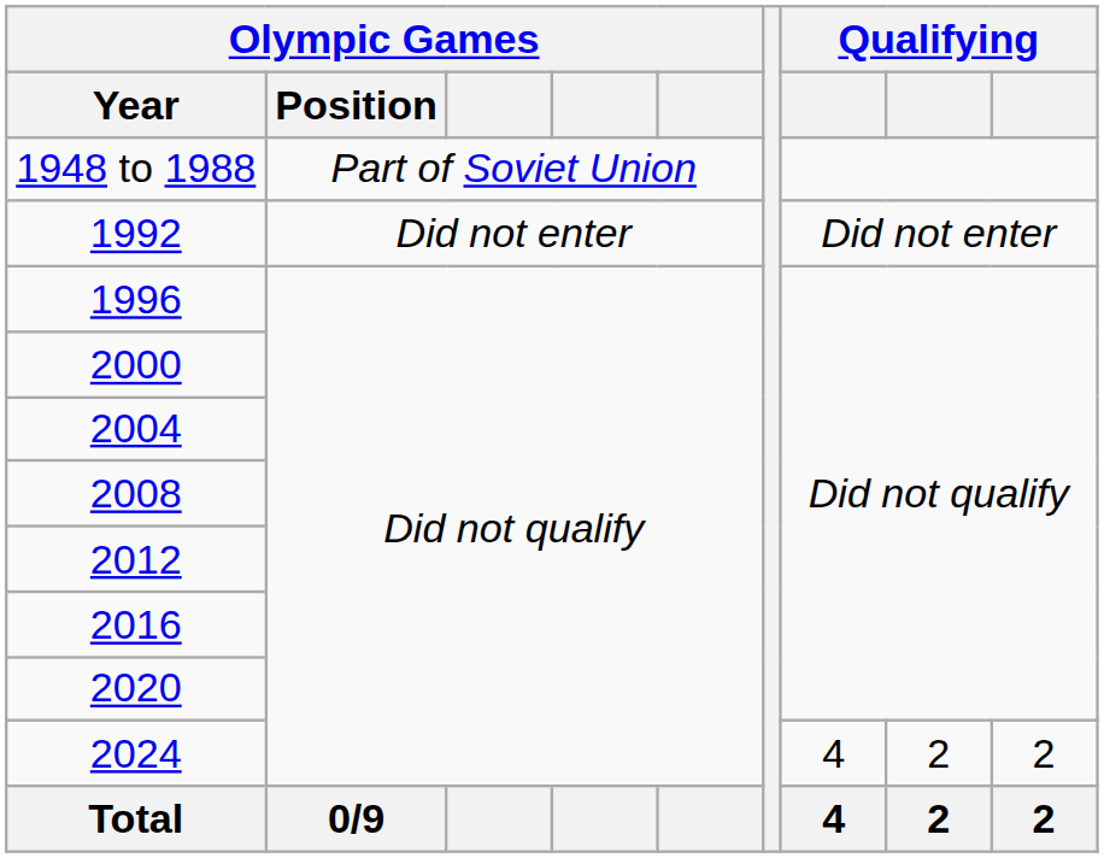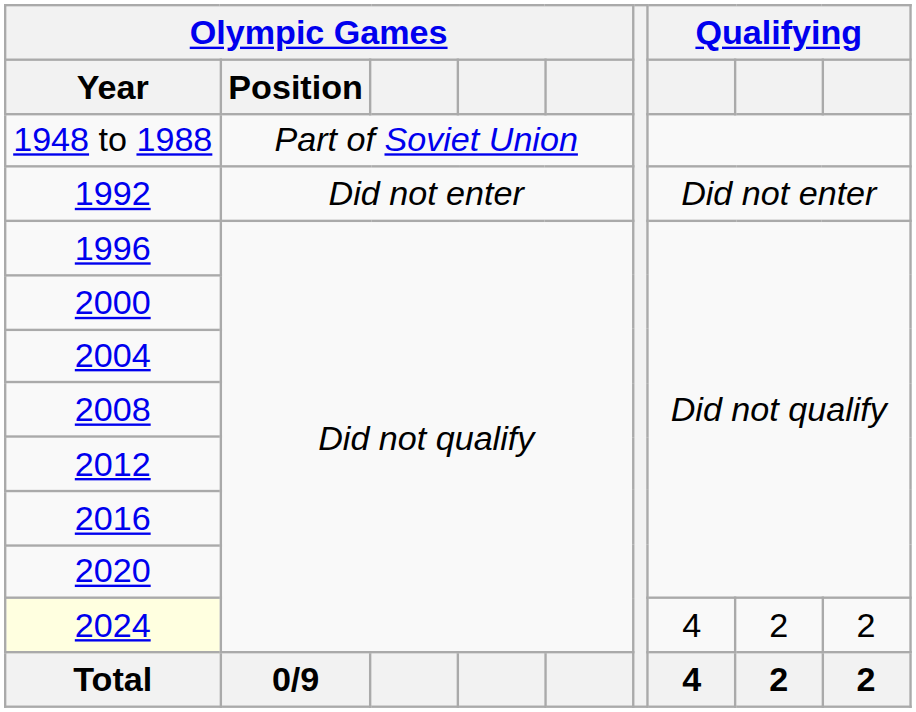 <table class="wikitable" style="text-align: center;font-size:90%;">
 <tr>
 <th colspan=5><a href='#'>Olympic Games</a></th>
 <th rowspan=13></th>
 <th colspan=3><a href='#'>Qualifying</a></th>
 </tr>
 <tr>
 <th>Year</th>
 <th>Position</th>
 <th width=30></th>
 <th width=30></th>
 <th width=30></th>
 <th width=30></th>
 <th width=30></th>
 <th width=30></th>
 </tr>
 <tr>
 <td><a href='#'>1948</a> to <a href='#'>1988</a></td>
 <td colspan=4><em>Part of <a href='#'>Soviet Union</a></em></td>
 </tr>
 <tr>
 <td> <a href='#'>1992</a></td>
 <td colspan=4><em>Did not enter</em></td>
 <td colspan=3><em>Did not enter</em></td>
 </tr>
 <tr>
 <td> <a href='#'>1996</a></td>
 <td colspan=4 rowspan=8><em>Did not qualify</em></td>
 <td colspan=3 rowspan=7><em>Did not qualify</em></td>
 </tr>
 <tr>
 <td> <a href='#'>2000</a></td>
 </tr>
 <tr>
 <td> <a href='#'>2004</a></td>
 </tr>
 <tr>
 <td> <a href='#'>2008</a></td>
 </tr>
 <tr>
 <td> <a href='#'>2012</a></td>
 </tr>
 <tr>
 <td> <a href='#'>2016</a></td>
 </tr>
 <tr>
 <td> <a href='#'>2020</a></td>
 </tr>
 <tr>
-<td> <a href='#'>2024</a></td>
+<td style="background: lightyellow;"> <a href='#'>2024</a></td>
 <td>4</td>
 <td>2</td>
 <td>2</td>
 </tr>
 <tr>
 <th>Total</th>
 <th>0/9</th>
 <th></th>
 <th></th>
 <th></th>
 <th>4</th>
 <th>2</th>
 <th>2</th>
 </tr>
 </table>
